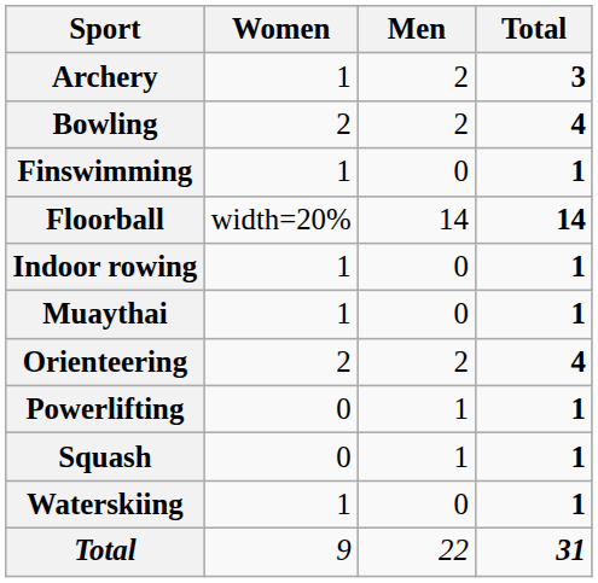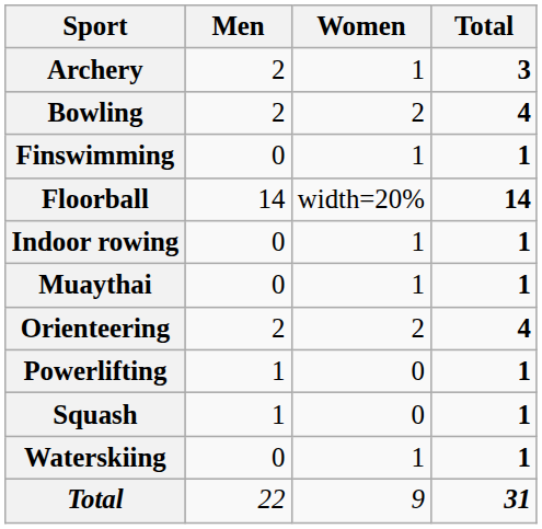 <table class="wikitable" style="text-align:right;">
 <tr>
 <th>Sport</th>
+<th>Men</th>
 <th>Women</th>
-<th>Men</th>
 <th>Total</th>
 </tr>
 <tr>
 <th>Archery</th>
+<td>2</td>
 <td>1</td>
-<td>2</td>
 <td><strong>3</strong></td>
 </tr>
 <tr>
 <th>Bowling</th>
 <td>2</td>
 <td>2</td>
 <td><strong>4</strong></td>
 </tr>
 <tr>
 <th>Finswimming</th>
+<td>0</td>
 <td>1</td>
-<td>0</td>
 <td><strong>1</strong></td>
 </tr>
 <tr>
 <th>Floorball</th>
+<td width=20%>14</td>
 <td>width=20% </td>
-<td width=20%>14</td>
 <td width=20%><strong>14</strong></td>
 </tr>
 <tr>
 <th>Indoor rowing</th>
+<td>0</td>
 <td>1</td>
-<td>0</td>
 <td><strong>1</strong></td>
 </tr>
 <tr>
 <th>Muaythai</th>
+<td>0</td>
 <td>1</td>
-<td>0</td>
 <td><strong>1</strong></td>
 </tr>
 <tr>
 <th>Orienteering</th>
 <td>2</td>
 <td>2</td>
 <td><strong>4</strong></td>
 </tr>
 <tr>
 <th>Powerlifting</th>
+<td>1</td>
+<td>0</td>
+<td><strong>1</strong></td>
+</tr>
+<tr>
+<th>Squash</th>
+<td>1</td>
+<td>0</td>
+<td><strong>1</strong></td>
+</tr>
+<tr>
+<th>Waterskiing</th>
 <td>0</td>
 <td>1</td>
 <td><strong>1</strong></td>
 </tr>
 <tr>
-<th>Squash</th>
-<td>0</td>
-<td>1</td>
-<td><strong>1</strong></td>
-</tr>
-<tr>
-<th>Waterskiing</th>
-<td>1</td>
-<td>0</td>
-<td><strong>1</strong></td>
-</tr>
-<tr>
 <th><em>Total</em></th>
+<td><em>22</em></td>
 <td><em>9</em></td>
-<td><em>22</em></td>
 <td><strong><em>31</em></strong></td>
 </tr>
 </table>
